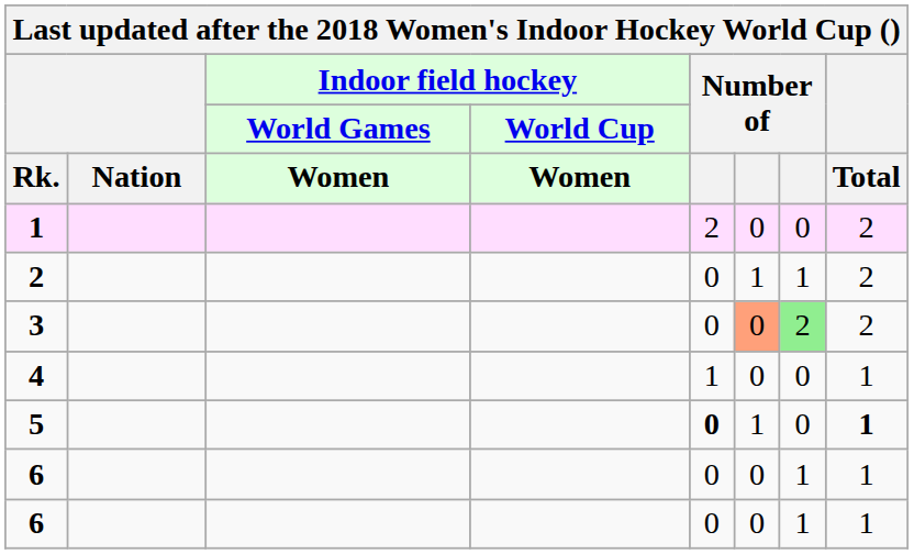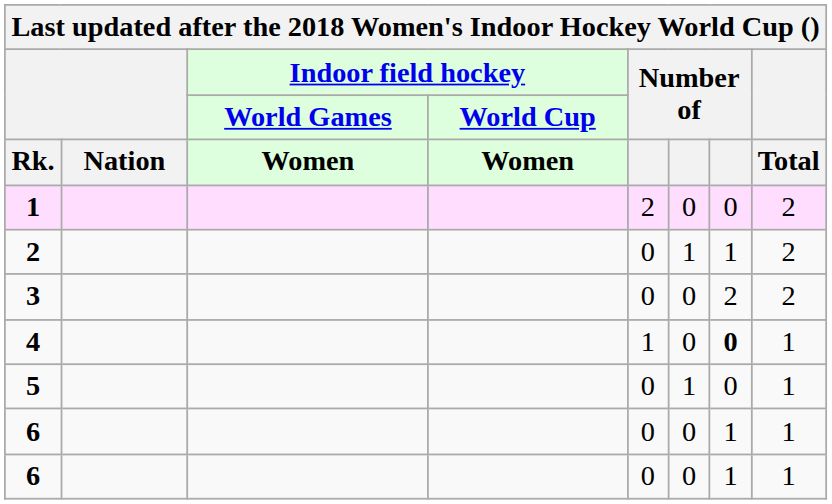 <table class="wikitable" style="margin-top: 0em; text-align: center; font-size: 100%;">
 <tr>
 <th colspan="8">Last updated after the 2018 Women's Indoor Hockey World Cup ()</th>
 </tr>
 <tr>
 <th rowspan="2" colspan="2"></th>
 <th colspan="2" style="background: #dfd;"><a href='#'>Indoor field hockey</a></th>
 <th rowspan="2" colspan="3">Number of</th>
 <th rowspan="2"></th>
 </tr>
 <tr>
 <th style="background: #dfd;"><a href='#'>World Games</a></th>
 <th style="background: #dfd;"><a href='#'>World Cup</a></th>
 </tr>
 <tr>
 <th style="width: 1em;">Rk.</th>
 <th>Nation</th>
 <th style="background: #dfd;">Women</th>
 <th style="background: #dfd;">Women</th>
 <th style="width: 1em;"></th>
 <th style="width: 1em;"></th>
 <th style="width: 1em;"></th>
 <th style="width: 1em;">Total</th>
 </tr>
 <tr style="background: #fdf;">
 <td><strong>1</strong></td>
 <td style="text-align: left;"></td>
 <td></td>
 <td></td>
 <td>2</td>
 <td>0</td>
 <td>0</td>
 <td>2</td>
 </tr>
 <tr>
 <td><strong>2</strong></td>
 <td style="text-align: left;"></td>
 <td></td>
 <td></td>
 <td>0</td>
 <td>1</td>
 <td>1</td>
 <td>2</td>
 </tr>
 <tr>
 <td><strong>3</strong></td>
 <td style="text-align: left;"></td>
 <td></td>
 <td></td>
 <td>0</td>
-<td style="background: lightsalmon;">0</td>
-<td style="background: lightgreen;">2</td>
+<td>0</td>
+<td>2</td>
 <td>2</td>
 </tr>
 <tr>
 <td><strong>4</strong></td>
 <td style="text-align: left;"></td>
 <td></td>
 <td></td>
 <td>1</td>
 <td>0</td>
-<td>0</td>
+<td><strong>0</strong></td>
 <td>1</td>
 </tr>
 <tr>
 <td><strong>5</strong></td>
 <td style="text-align: left;"></td>
 <td></td>
 <td></td>
-<td><strong>0</strong></td>
+<td>0</td>
 <td>1</td>
 <td>0</td>
-<td><strong>1</strong></td>
+<td>1</td>
 </tr>
 <tr>
 <td><strong>6</strong></td>
 <td style="text-align: left;"></td>
 <td></td>
 <td></td>
 <td>0</td>
 <td>0</td>
 <td>1</td>
 <td>1</td>
 </tr>
 <tr>
 <td><strong>6</strong></td>
 <td style="text-align: left;"></td>
 <td></td>
 <td></td>
 <td>0</td>
 <td>0</td>
 <td>1</td>
 <td>1</td>
 </tr>
 </table>
